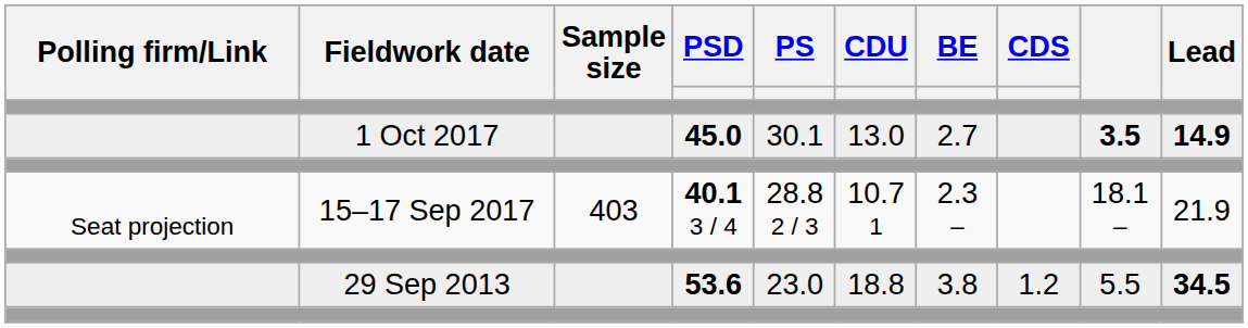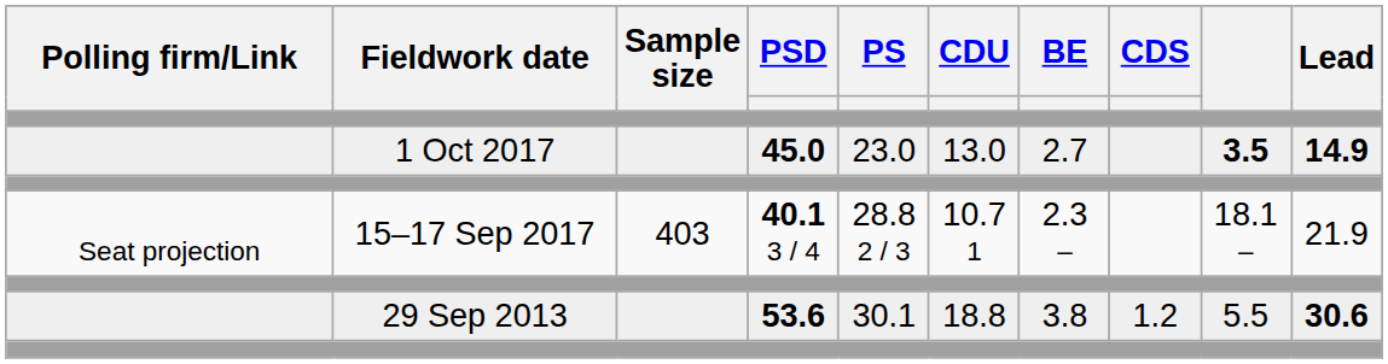 <table class="wikitable collapsible sortable" style="text-align:center; font-size:95%; line-height:16px;">
 <tr style="height:42px;">
 <th style="width:145px;" rowspan="2">Polling firm/Link</th>
 <th style="width:125px;" rowspan="2">Fieldwork date</th>
 <th class="unsortable" style="width:50px;" rowspan="2">Sample size</th>
 <th class="unsortable" style="width:35px;"><a href='#'>PSD</a></th>
 <th class="unsortable" style="width:35px;"><a href='#'>PS</a></th>
 <th class="unsortable" style="width:35px;"><a href='#'>CDU</a></th>
 <th class="unsortable" style="width:35px;"><a href='#'>BE</a></th>
 <th class="unsortable" style="width:35px;"><a href='#'>CDS</a></th>
 <th class="unsortable" style="width:35px;" rowspan="2"></th>
 <th class="unsortable" style="width:30px;" rowspan="2">Lead</th>
 </tr>
 <tr>
 <th class="unsortable" style="color:inherit;background:"></th>
 <th class="unsortable" style="color:inherit;background:"></th>
 <th class="unsortable" style="color:inherit;background:"></th>
 <th class="unsortable" style="color:inherit;background:"></th>
 <th class="unsortable" style="color:inherit;background:"></th>
 </tr>
 <tr>
 <td colspan="11" style="background:#A0A0A0"></td>
 </tr>
 <tr style="background:#EFEFEF;">
 <td><strong></strong></td>
 <td data-sort-value="2019-10-06">1 Oct 2017</td>
 <td></td>
 <td><strong>45.0</strong><br></td>
-<td>30.1<br></td>
+<td>23.0<br></td>
 <td>13.0<br></td>
 <td>2.7<br></td>
 <td></td>
 <td><strong>3.5</strong></td>
 <td style="background:"><strong>14.9</strong></td>
 </tr>
 <tr>
 <td colspan="11" style="background:#A0A0A0"></td>
 </tr>
 <tr>
 <td align="center"><br><small>Seat projection</small></td>
 <td align="center">15–17 Sep 2017</td>
 <td>403</td>
 <td align="center" ><strong>40.1</strong><br><small>3 / 4</small></td>
 <td align="center">28.8<br><small>2 / 3</small></td>
 <td align="center">10.7<br><small>1</small></td>
 <td align="center">2.3<br><small>–</small></td>
 <td></td>
 <td align="center">18.1<br><small>–</small></td>
 <td style="background:">21.9</td>
 </tr>
 <tr>
 <td colspan="11" style="background:#A0A0A0"></td>
 </tr>
 <tr style="background:#EFEFEF;">
 <td><strong></strong></td>
 <td data-sort-value="2019-10-06">29 Sep 2013</td>
 <td></td>
 <td><strong>53.6</strong><br></td>
-<td>23.0<br></td>
+<td>30.1<br></td>
 <td>18.8<br></td>
 <td>3.8<br></td>
 <td>1.2<br></td>
 <td>5.5</td>
-<td style="background:"><strong>34.5</strong></td>
+<td style="background:"><strong>30.6</strong></td>
 </tr>
 <tr>
 <td colspan="11" style="background:#A0A0A0"></td>
 </tr>
 </table>
